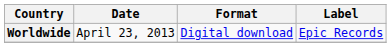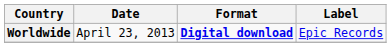 <table class="wikitable plainrowheaders">
 <tr>
 <th scope="col">Country</th>
 <th scope="col">Date</th>
 <th scope="col">Format</th>
 <th scope="col">Label</th>
 </tr>
 <tr>
 <th scope="row">Worldwide</th>
 <td>April 23, 2013</td>
-<td><a href='#'>Digital download</a></td>
+<td><strong><a href='#'>Digital download</a></strong></td>
 <td><a href='#'>Epic Records</a></td>
 </tr>
 <tr>
 </tr>
 </table>
